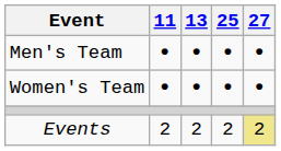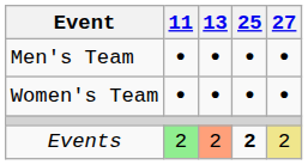 <table class="wikitable" style="text-align:center">
 <tr>
 <th>Event</th>
 <th><a href='#'>11</a></th>
 <th><a href='#'>13</a></th>
 <th><a href='#'>25</a></th>
 <th><a href='#'>27</a></th>
 </tr>
 <tr>
 <td align=left>Men's Team</td>
 <td><big><strong>•</strong></big></td>
 <td><big><strong>•</strong></big></td>
 <td><big><strong>•</strong></big></td>
 <td><big><strong>•</strong></big></td>
 </tr>
 <tr>
 <td align=left>Women's Team</td>
 <td><big><strong>•</strong></big></td>
 <td><big><strong>•</strong></big></td>
 <td><big><strong>•</strong></big></td>
 <td><big><strong>•</strong></big></td>
 </tr>
 <tr bgcolor=lightgray>
 <td colspan=6></td>
 </tr>
 <tr>
 <td><em>Events</em></td>
-<td>2</td>
-<td>2</td>
-<td>2</td>
+<td style="background: lightgreen;">2</td>
+<td style="background: lightsalmon;">2</td>
+<td><strong>2</strong></td>
 <td style="background: khaki;">2</td>
 </tr>
 </table>
